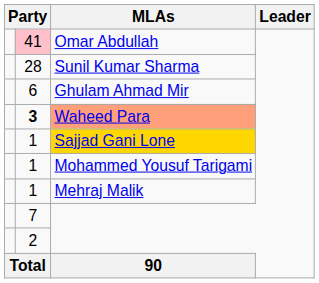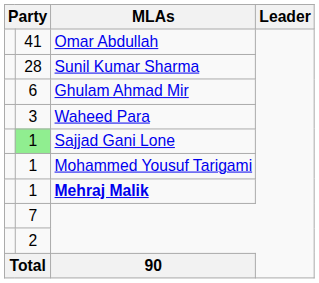 <table class="wikitable">
 <tr>
 <th colspan=2>Party</th>
 <th>MLAs</th>
 <th>Leader</th>
 </tr>
 <tr>
 <td></td>
-<td align=center style="background: pink;">41</td>
+<td align=center>41</td>
 <td><a href='#'>Omar Abdullah</a></td>
 </tr>
 <tr>
 <td></td>
 <td align=center>28</td>
 <td><a href='#'>Sunil Kumar Sharma</a></td>
 </tr>
 <tr>
 <td></td>
 <td align=center>6</td>
 <td><a href='#'>Ghulam Ahmad Mir</a></td>
 </tr>
 <tr>
 <td></td>
-<td align=center><strong>3</strong></td>
-<td style="background: lightsalmon;"><a href='#'>Waheed Para</a></td>
+<td align=center>3</td>
+<td><a href='#'>Waheed Para</a></td>
 </tr>
 <tr>
 <td></td>
-<td align=center>1</td>
-<td style="background: gold;"><a href='#'>Sajjad Gani Lone</a></td>
+<td align=center style="background: lightgreen;">1</td>
+<td><a href='#'>Sajjad Gani Lone</a></td>
 </tr>
 <tr>
 <td></td>
 <td align=center>1</td>
 <td><a href='#'>Mohammed Yousuf Tarigami</a></td>
 </tr>
 <tr>
 <td></td>
 <td align=center>1</td>
-<td><a href='#'>Mehraj Malik</a></td>
+<td><strong><a href='#'>Mehraj Malik</a></strong></td>
 </tr>
 <tr>
 <td></td>
 <td align=center>7</td>
 </tr>
 <tr>
 <td></td>
 <td align=center>2</td>
 </tr>
 <tr>
 <th colspan=2>Total</th>
 <th>90</th>
 </tr>
 </table>
